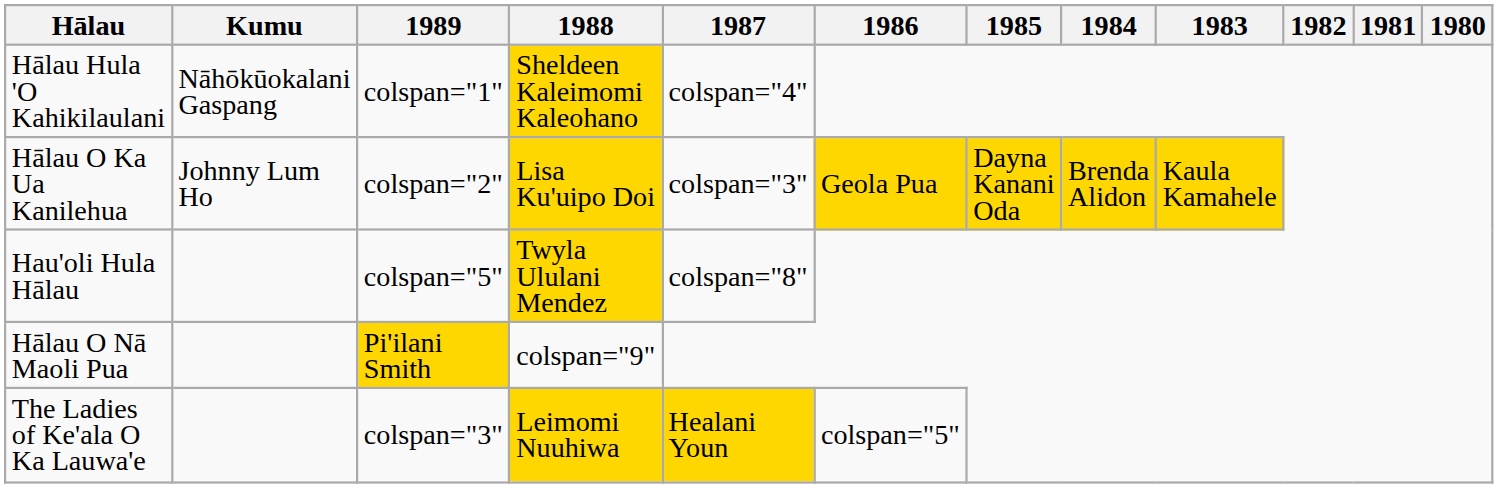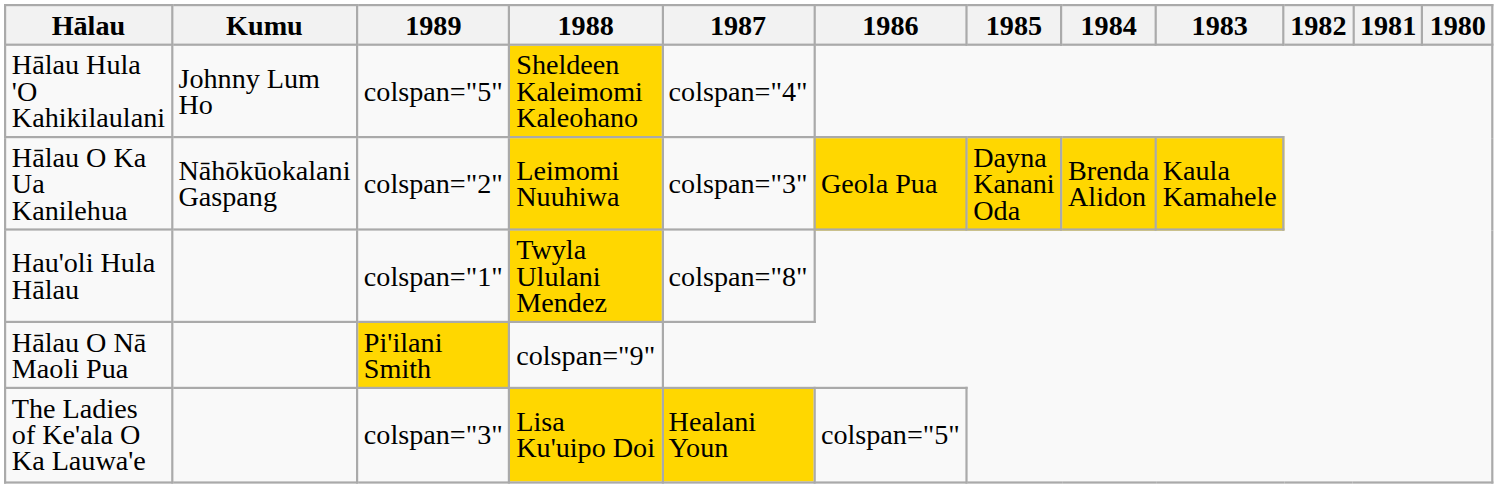 <table class="wikitable collapsible collapsed" style="margin:left; font-size:80%; line-height:12px;">
 <tr>
 <th>Hālau</th>
 <th>Kumu</th>
 <th>1989</th>
 <th>1988</th>
 <th>1987</th>
 <th>1986</th>
 <th>1985</th>
 <th>1984</th>
 <th>1983</th>
 <th>1982</th>
 <th>1981</th>
 <th>1980</th>
 </tr>
 <tr>
 <td>Hālau Hula 'O Kahikilaulani</td>
-<td>Nāhōkūokalani Gaspang</td>
-<td>colspan="1"</td>
+<td>Johnny Lum Ho</td>
+<td>colspan="5"</td>
 <td style="background:gold;">Sheldeen Kaleimomi Kaleohano</td>
 <td>colspan="4"</td>
 </tr>
 <tr>
 <td>Hālau O Ka Ua Kanilehua</td>
-<td>Johnny Lum Ho</td>
+<td>Nāhōkūokalani Gaspang</td>
 <td>colspan="2"</td>
-<td style="background:gold;">Lisa Ku'uipo Doi</td>
+<td style="background:gold;">Leimomi Nuuhiwa</td>
 <td>colspan="3"</td>
 <td style="background:gold;">Geola Pua</td>
 <td style="background:gold;">Dayna Kanani Oda</td>
 <td style="background:gold;">Brenda Alidon</td>
 <td style="background:gold;">Kaula Kamahele</td>
 </tr>
 <tr>
 <td>Hau'oli Hula Hālau</td>
 <td></td>
-<td>colspan="5"</td>
+<td>colspan="1"</td>
 <td style="background:gold;">Twyla Ululani Mendez</td>
 <td>colspan="8"</td>
 </tr>
 <tr>
 <td>Hālau O Nā Maoli Pua</td>
 <td></td>
 <td style="background:gold;">Pi'ilani Smith</td>
 <td>colspan="9"</td>
 </tr>
 <tr>
 <td>The Ladies of Ke'ala O Ka Lauwa'e</td>
 <td></td>
 <td>colspan="3"</td>
-<td style="background:gold;">Leimomi Nuuhiwa</td>
+<td style="background:gold;">Lisa Ku'uipo Doi</td>
 <td style="background:gold;">Healani Youn</td>
 <td>colspan="5"</td>
 </tr>
 </table>
